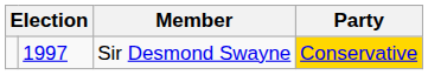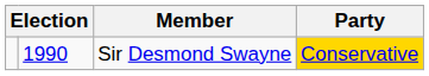 <table class="wikitable">
 <tr>
 <th colspan="2">Election</th>
 <th>Member</th>
 <th>Party</th>
 </tr>
 <tr>
 <td style="color:inherit;background-color: "></td>
-<td><a href='#'>1997</a></td>
+<td><a href='#'>1990</a></td>
 <td>Sir <a href='#'>Desmond Swayne</a></td>
 <td style="background: gold;"><a href='#'>Conservative</a></td>
 </tr>
 </table>
